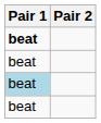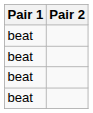 <table class="wikitable">
 <tr>
 <th>Pair 1</th>
 <th>Pair 2</th>
 </tr>
 <tr>
-<td><strong> beat</strong></td>
+<td> beat</td>
 <td></td>
 </tr>
 <tr>
 <td> beat</td>
 <td></td>
 </tr>
 <tr>
-<td style="background: lightblue;"> beat</td>
+<td> beat</td>
 <td></td>
 </tr>
 <tr>
 <td> beat</td>
 <td></td>
 </tr>
 </table>
